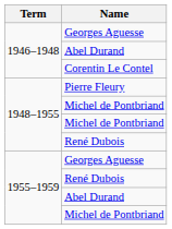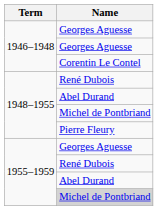 <table class=wikitable>
 <tr>
 <th>Term</th>
 <th>Name</th>
 </tr>
 <tr>
 <td rowspan=3>1946–1948</td>
 <td><a href='#'>Georges Aguesse</a></td>
 </tr>
 <tr>
-<td><a href='#'>Abel Durand</a></td>
+<td><a href='#'>Georges Aguesse</a></td>
 </tr>
 <tr>
 <td><a href='#'>Corentin Le Contel</a></td>
 </tr>
 <tr>
 <td rowspan=4>1948–1955</td>
-<td><a href='#'>Pierre Fleury</a></td>
+<td><a href='#'>René Dubois</a></td>
+</tr>
+<tr>
+<td><a href='#'>Abel Durand</a></td>
 </tr>
 <tr>
 <td><a href='#'>Michel de Pontbriand</a></td>
 </tr>
 <tr>
-<td><a href='#'>Michel de Pontbriand</a></td>
-</tr>
-<tr>
-<td><a href='#'>René Dubois</a></td>
+<td><a href='#'>Pierre Fleury</a></td>
 </tr>
 <tr>
 <td rowspan=4>1955–1959</td>
 <td><a href='#'>Georges Aguesse</a></td>
 </tr>
 <tr>
 <td><a href='#'>René Dubois</a></td>
 </tr>
 <tr>
 <td><a href='#'>Abel Durand</a></td>
 </tr>
 <tr>
-<td><a href='#'>Michel de Pontbriand</a></td>
+<td style="background: lightgrey;"><a href='#'>Michel de Pontbriand</a></td>
 </tr>
 </table>
